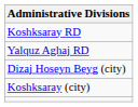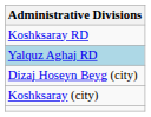 <table class="wikitable">
 <tr>
 <th>Administrative Divisions</th>
 </tr>
 <tr>
 <td><a href='#'>Koshksaray RD</a></td>
 </tr>
 <tr>
-<td><a href='#'>Yalquz Aghaj RD</a></td>
+<td style="background: lightblue;"><a href='#'>Yalquz Aghaj RD</a></td>
 </tr>
 <tr>
 <td><a href='#'>Dizaj Hoseyn Beyg</a> (city)</td>
 </tr>
 <tr>
 <td><a href='#'>Koshksaray</a> (city)</td>
 </tr>
 <tr>
 <td colspan=1></td>
 </tr>
 </table>
